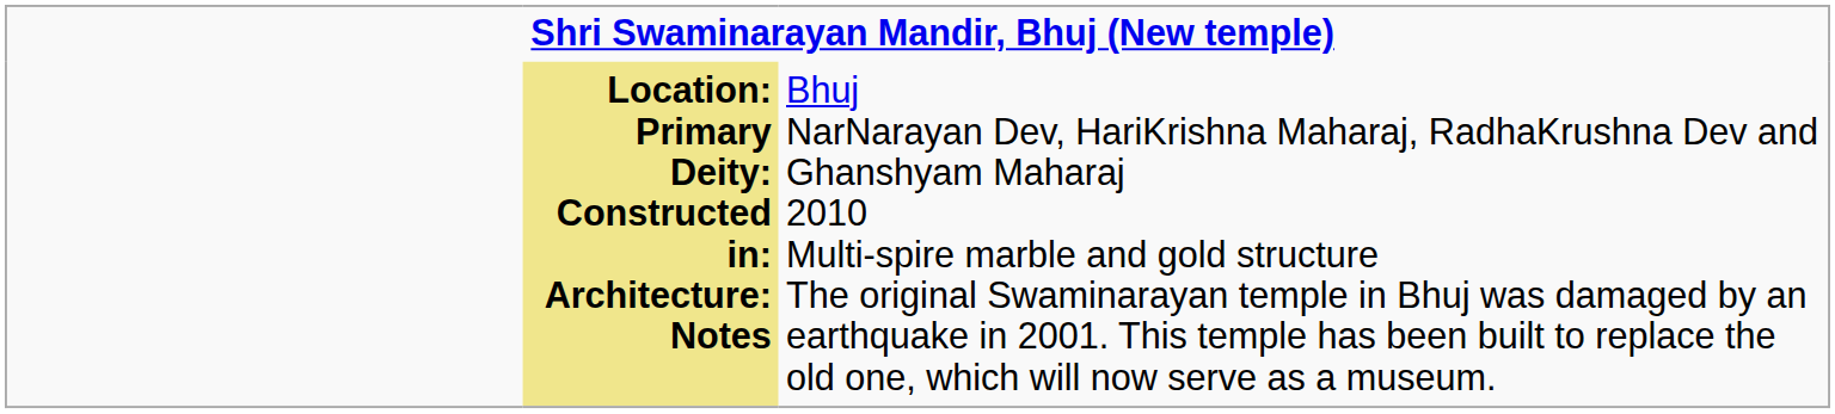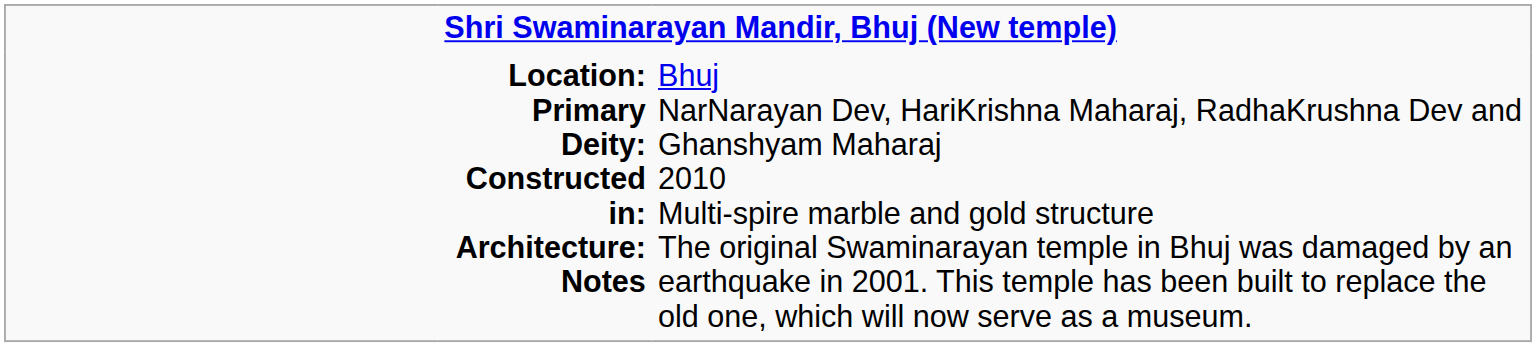 <table class="wikitable plain" border="0" width="800">
 <tr>
 <td width="220px" rowspan="2" style="border:none;"></td>
 <td valign="top" colspan=2 style="border:none;"><strong><a href='#'>Shri Swaminarayan Mandir, Bhuj (New temple)</a></strong></td>
 </tr>
 <tr>
-<td valign="top" style="background: khaki; text-align:right; border:none;"><strong>Location:</strong> <br><strong>Primary Deity:</strong><br><strong>Constructed in:</strong><br><strong>Architecture:</strong><br><strong>Notes</strong></td>
+<td valign="top" style="text-align:right; border:none;"><strong>Location:</strong> <br><strong>Primary Deity:</strong><br><strong>Constructed in:</strong><br><strong>Architecture:</strong><br><strong>Notes</strong></td>
 <td valign="top" style="border:none;"><a href='#'>Bhuj</a><br> NarNarayan Dev, HariKrishna Maharaj, RadhaKrushna Dev and Ghanshyam Maharaj <br>2010 <br>Multi-spire marble and gold structure   <br>The original Swaminarayan temple in Bhuj was damaged by an earthquake in 2001. This temple has been built to replace the old one, which will now serve as a museum.</td>
 </tr>
 </table>
